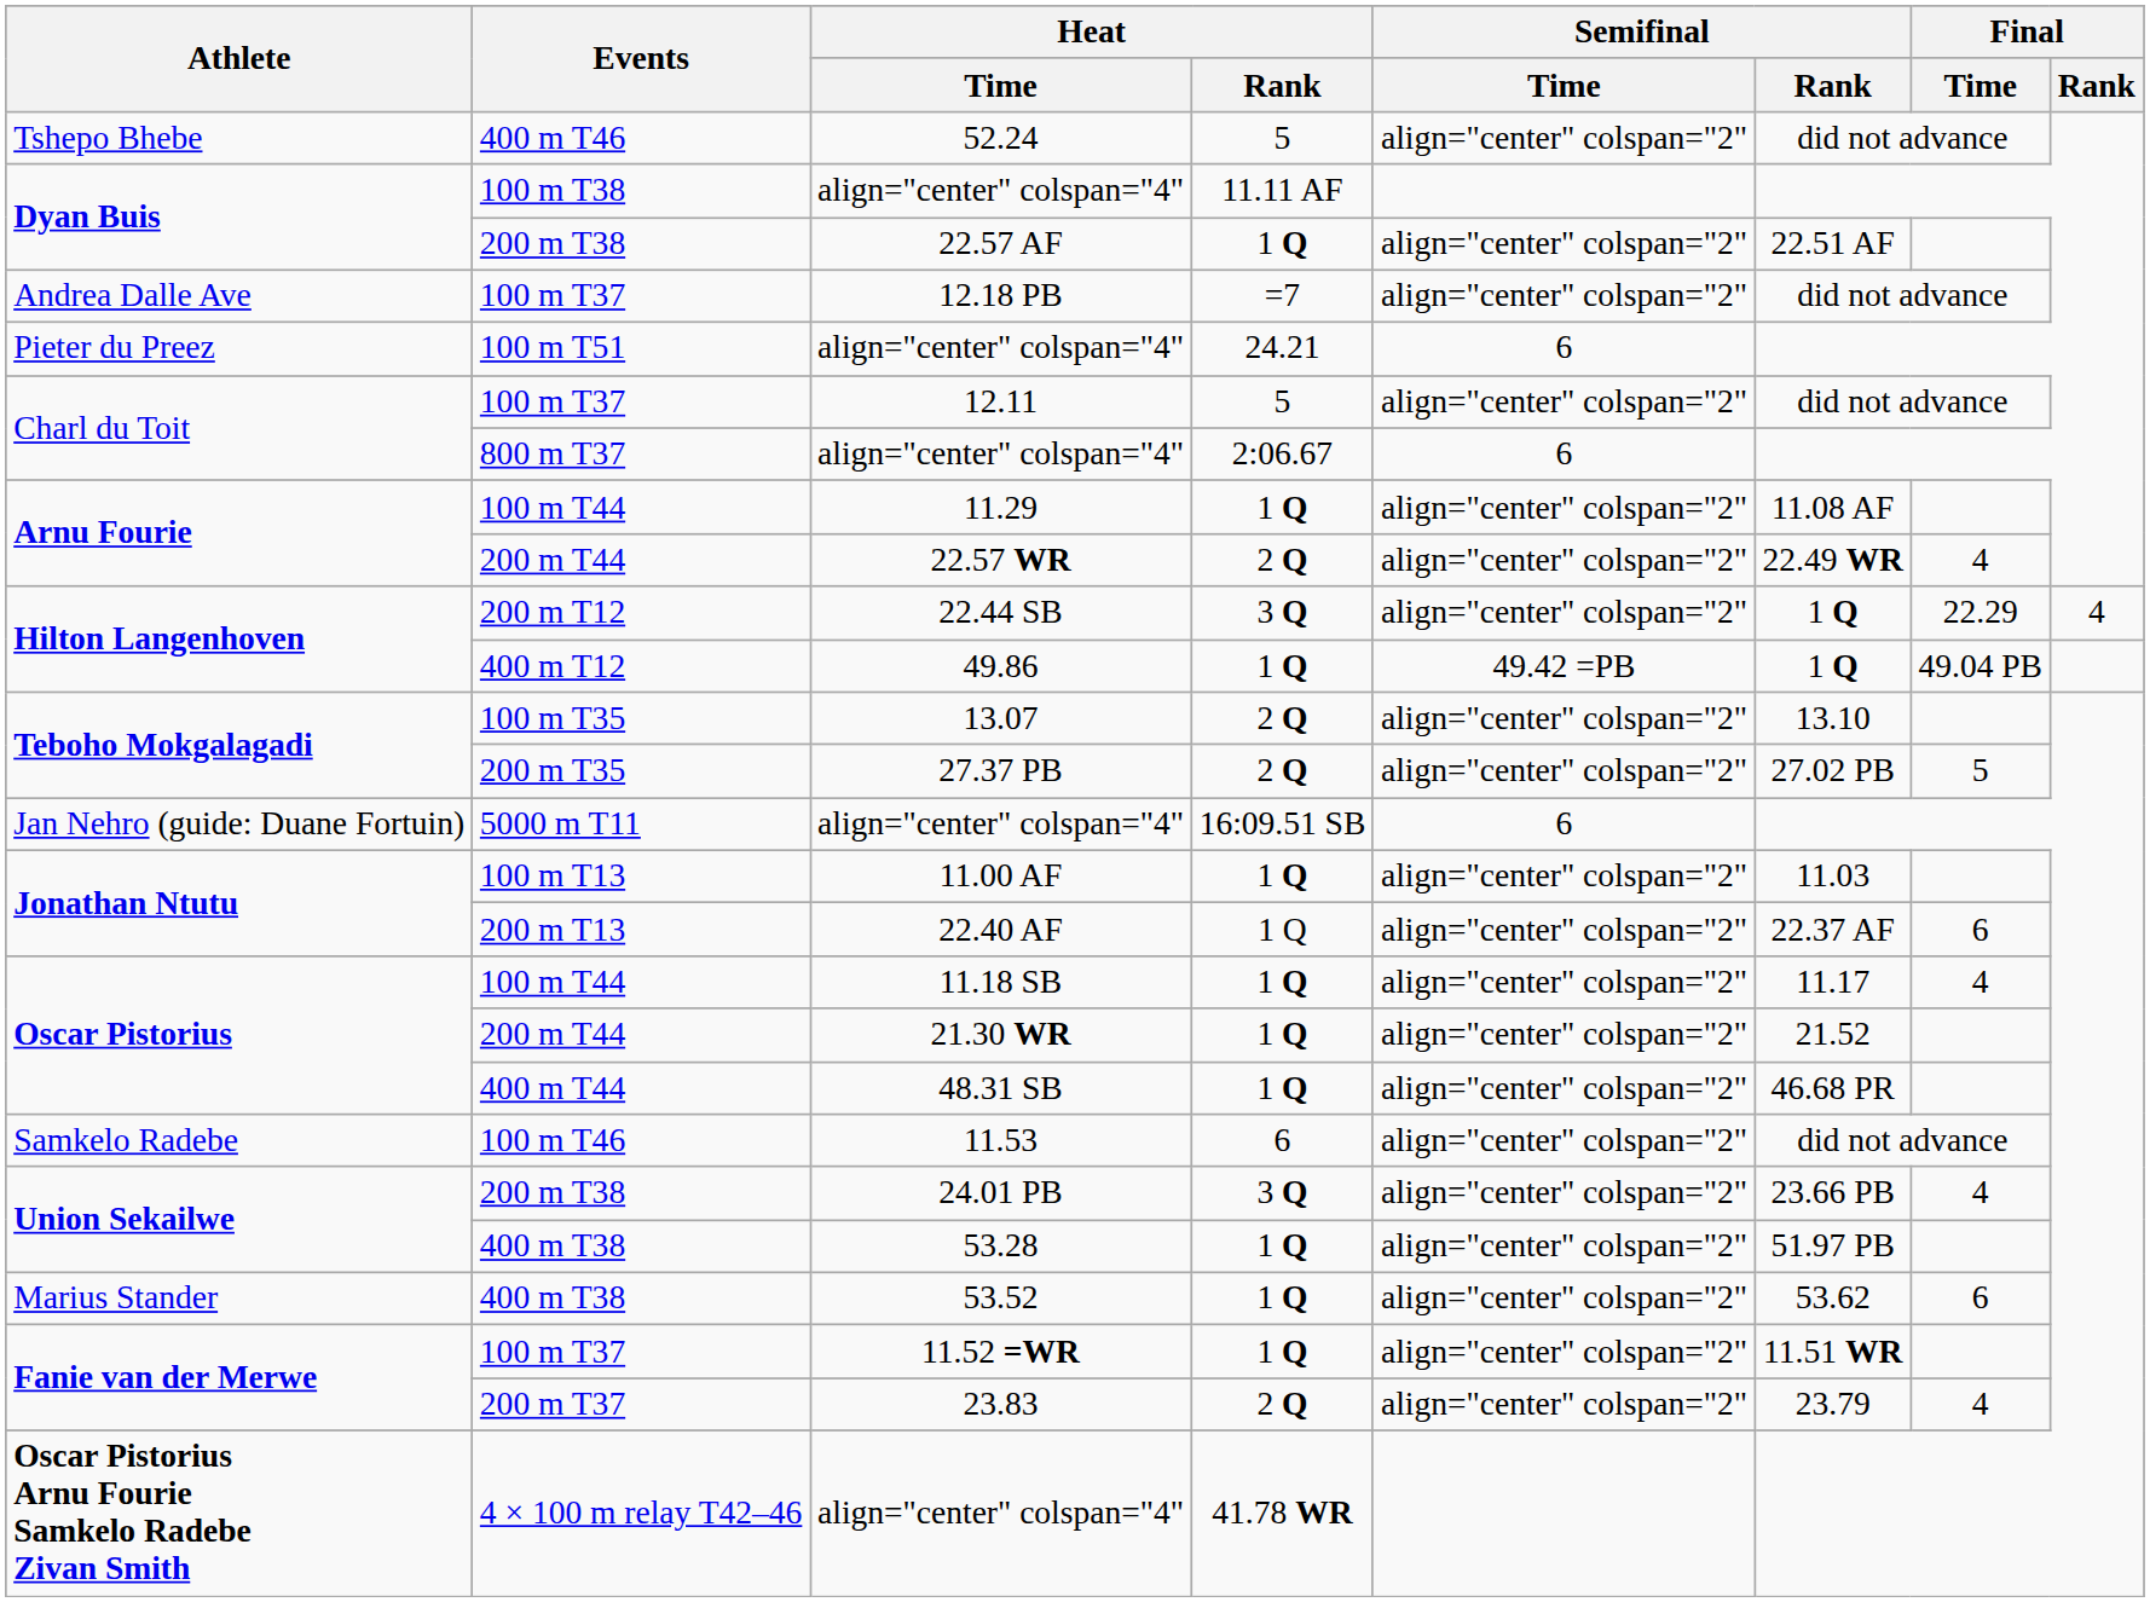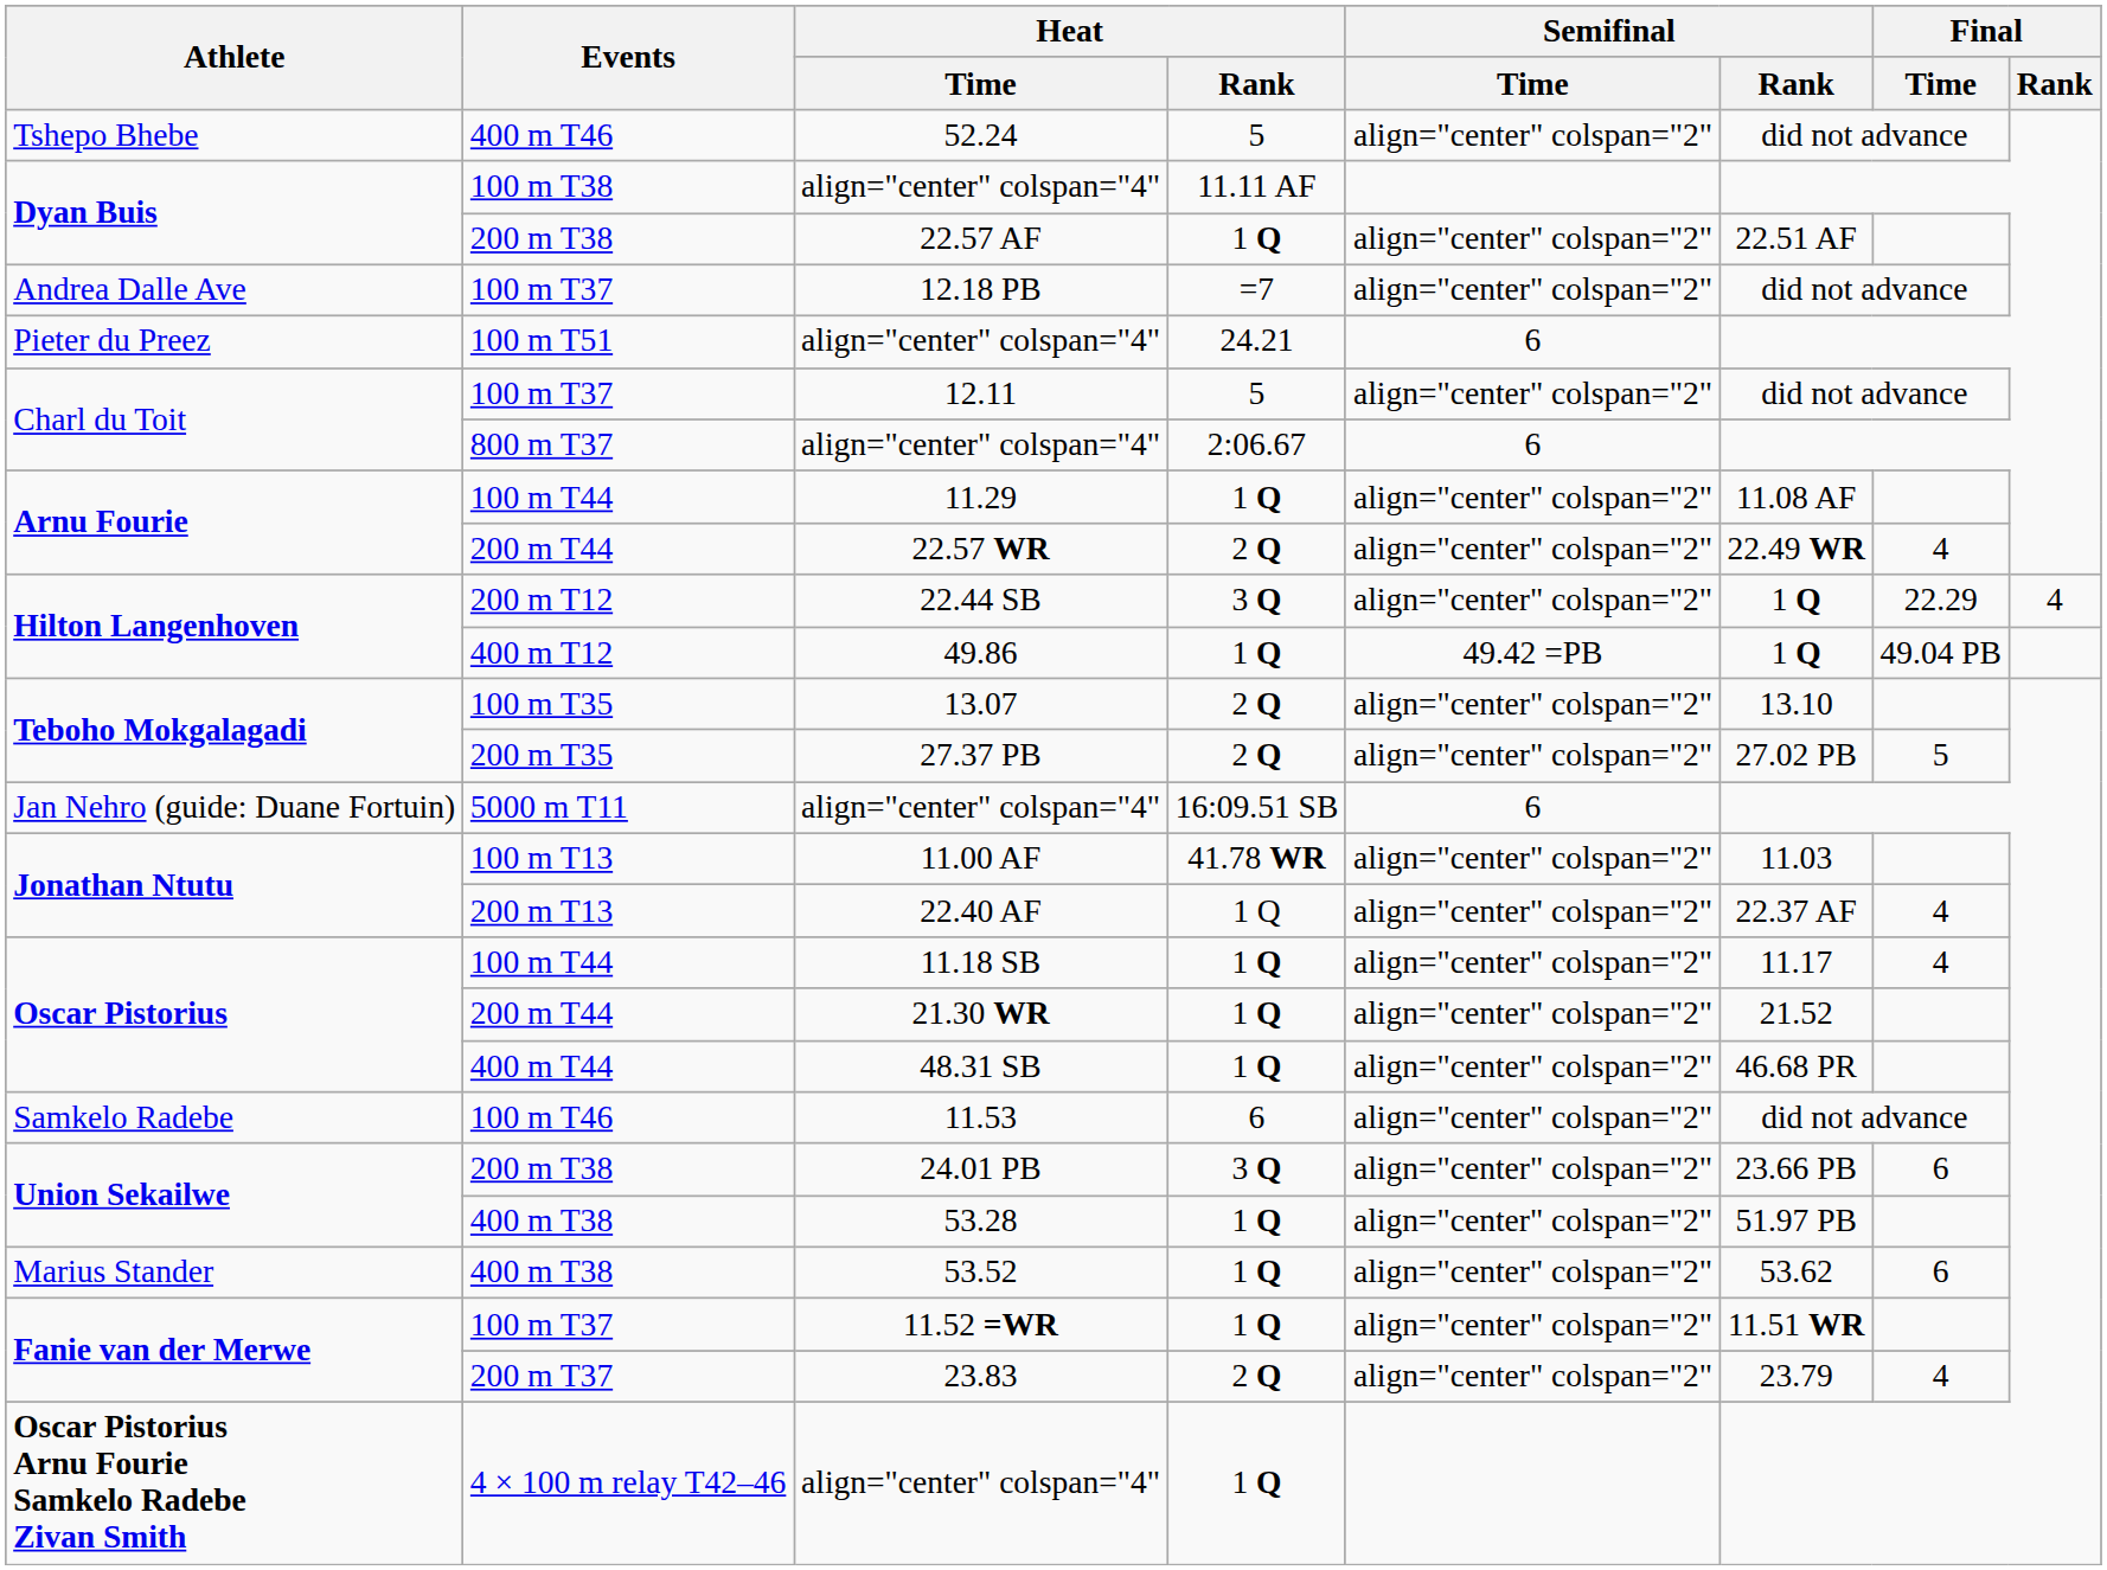 <table class=wikitable>
 <tr>
 <th rowspan="2">Athlete</th>
 <th rowspan="2">Events</th>
 <th colspan="2">Heat</th>
 <th colspan="2">Semifinal</th>
 <th colspan="2">Final</th>
 </tr>
 <tr>
 <th>Time</th>
 <th>Rank</th>
 <th>Time</th>
 <th>Rank</th>
 <th>Time</th>
 <th>Rank</th>
 </tr>
 <tr>
 <td><a href='#'>Tshepo Bhebe</a></td>
 <td><a href='#'>400 m T46</a></td>
 <td style="text-align:center;">52.24</td>
 <td style="text-align:center;">5</td>
 <td>align="center" colspan="2" </td>
 <td style="text-align:center;" colspan="2">did not advance</td>
 </tr>
 <tr>
 <td rowspan="2"><strong><a href='#'>Dyan Buis</a></strong></td>
 <td><a href='#'>100 m T38</a></td>
 <td>align="center" colspan="4" </td>
 <td style="text-align:center;">11.11 AF</td>
 <td style="text-align:center;"></td>
 </tr>
 <tr>
 <td><a href='#'>200 m T38</a></td>
 <td style="text-align:center;">22.57 AF</td>
 <td style="text-align:center;">1 <strong>Q</strong></td>
 <td>align="center" colspan="2" </td>
 <td style="text-align:center;">22.51 AF</td>
 <td style="text-align:center;"></td>
 </tr>
 <tr>
 <td><a href='#'>Andrea Dalle Ave</a></td>
 <td><a href='#'>100 m T37</a></td>
 <td style="text-align:center;">12.18 PB</td>
 <td style="text-align:center;">=7</td>
 <td>align="center" colspan="2" </td>
 <td style="text-align:center;" colspan="2">did not advance</td>
 </tr>
 <tr>
 <td><a href='#'>Pieter du Preez</a></td>
 <td><a href='#'>100 m T51</a></td>
 <td>align="center" colspan="4" </td>
 <td style="text-align:center;">24.21</td>
 <td style="text-align:center;">6</td>
 </tr>
 <tr>
 <td rowspan="2"><a href='#'>Charl du Toit</a></td>
 <td><a href='#'>100 m T37</a></td>
 <td style="text-align:center;">12.11</td>
 <td style="text-align:center;">5</td>
 <td>align="center" colspan="2" </td>
 <td style="text-align:center;" colspan="2">did not advance</td>
 </tr>
 <tr>
 <td><a href='#'>800 m T37</a></td>
 <td>align="center" colspan="4" </td>
 <td style="text-align:center;">2:06.67</td>
 <td style="text-align:center;">6</td>
 </tr>
 <tr>
 <td rowspan="2"><strong><a href='#'>Arnu Fourie</a></strong></td>
 <td><a href='#'>100 m T44</a></td>
 <td style="text-align:center;">11.29</td>
 <td style="text-align:center;">1 <strong>Q</strong></td>
 <td>align="center" colspan="2" </td>
 <td style="text-align:center;">11.08 AF</td>
 <td style="text-align:center;"></td>
 </tr>
 <tr>
 <td><a href='#'>200 m T44</a></td>
 <td style="text-align:center;">22.57 <strong>WR</strong></td>
 <td style="text-align:center;">2 <strong>Q</strong></td>
 <td>align="center" colspan="2" </td>
 <td style="text-align:center;">22.49 <strong>WR</strong></td>
 <td style="text-align:center;">4</td>
 </tr>
 <tr>
 <td rowspan="2"><strong><a href='#'>Hilton Langenhoven</a></strong></td>
 <td><a href='#'>200 m T12</a></td>
 <td style="text-align:center;">22.44 SB</td>
 <td style="text-align:center;">3 <strong>Q</strong></td>
 <td>align="center" colspan="2" </td>
 <td style="text-align:center;">1 <strong>Q</strong></td>
 <td style="text-align:center;">22.29</td>
 <td style="text-align:center;">4</td>
 </tr>
 <tr>
 <td><a href='#'>400 m T12</a></td>
 <td style="text-align:center;">49.86</td>
 <td style="text-align:center;">1 <strong>Q</strong></td>
 <td style="text-align:center;">49.42 =PB</td>
 <td style="text-align:center;">1 <strong>Q</strong></td>
 <td style="text-align:center;">49.04 PB</td>
 <td style="text-align:center;"></td>
 </tr>
 <tr>
 <td rowspan="2"><strong><a href='#'>Teboho Mokgalagadi</a></strong></td>
 <td><a href='#'>100 m T35</a></td>
 <td style="text-align:center;">13.07</td>
 <td style="text-align:center;">2 <strong>Q</strong></td>
 <td>align="center" colspan="2" </td>
 <td style="text-align:center;">13.10</td>
 <td style="text-align:center;"></td>
 </tr>
 <tr>
 <td><a href='#'>200 m T35</a></td>
 <td style="text-align:center;">27.37 PB</td>
 <td style="text-align:center;">2 <strong>Q</strong></td>
 <td>align="center" colspan="2" </td>
 <td style="text-align:center;">27.02 PB</td>
 <td style="text-align:center;">5</td>
 </tr>
 <tr>
 <td><a href='#'>Jan Nehro</a> (guide: Duane Fortuin)</td>
 <td><a href='#'>5000 m T11</a></td>
 <td>align="center" colspan="4" </td>
 <td style="text-align:center;">16:09.51 SB</td>
 <td style="text-align:center;">6</td>
 </tr>
 <tr>
 <td rowspan="2"><strong><a href='#'>Jonathan Ntutu</a></strong></td>
 <td><a href='#'>100 m T13</a></td>
 <td style="text-align:center;">11.00 AF</td>
-<td style="text-align:center;">1 <strong>Q</strong></td>
+<td style="text-align:center;">41.78 <strong>WR</strong></td>
 <td>align="center" colspan="2" </td>
 <td style="text-align:center;">11.03</td>
 <td style="text-align:center;"></td>
 </tr>
 <tr>
 <td><a href='#'>200 m T13</a></td>
 <td style="text-align:center;">22.40 AF</td>
 <td style="text-align:center;">1 Q</td>
 <td>align="center" colspan="2" </td>
 <td style="text-align:center;">22.37 AF</td>
-<td style="text-align:center;">6</td>
+<td style="text-align:center;">4</td>
 </tr>
 <tr>
 <td rowspan="3"><strong><a href='#'>Oscar Pistorius</a></strong></td>
 <td><a href='#'>100 m T44</a></td>
 <td style="text-align:center;">11.18 SB</td>
 <td style="text-align:center;">1 <strong>Q</strong></td>
 <td>align="center" colspan="2" </td>
 <td style="text-align:center;">11.17</td>
 <td style="text-align:center;">4</td>
 </tr>
 <tr>
 <td><a href='#'>200 m T44</a></td>
 <td style="text-align:center;">21.30 <strong>WR</strong></td>
 <td style="text-align:center;">1 <strong>Q</strong></td>
 <td>align="center" colspan="2" </td>
 <td style="text-align:center;">21.52</td>
 <td style="text-align:center;"></td>
 </tr>
 <tr>
 <td><a href='#'>400 m T44</a></td>
 <td style="text-align:center;">48.31 SB</td>
 <td style="text-align:center;">1 <strong>Q</strong></td>
 <td>align="center" colspan="2" </td>
 <td style="text-align:center;">46.68 PR</td>
 <td style="text-align:center;"></td>
 </tr>
 <tr>
 <td><a href='#'>Samkelo Radebe</a></td>
 <td><a href='#'>100 m T46</a></td>
 <td style="text-align:center;">11.53</td>
 <td style="text-align:center;">6</td>
 <td>align="center" colspan="2" </td>
 <td style="text-align:center;" colspan="2">did not advance</td>
 </tr>
 <tr>
 <td rowspan="2"><strong><a href='#'>Union Sekailwe</a></strong></td>
 <td><a href='#'>200 m T38</a></td>
 <td style="text-align:center;">24.01 PB</td>
 <td style="text-align:center;">3 <strong>Q</strong></td>
 <td>align="center" colspan="2" </td>
 <td style="text-align:center;">23.66 PB</td>
-<td style="text-align:center;">4</td>
+<td style="text-align:center;">6</td>
 </tr>
 <tr>
 <td><a href='#'>400 m T38</a></td>
 <td style="text-align:center;">53.28</td>
 <td style="text-align:center;">1 <strong>Q</strong></td>
 <td>align="center" colspan="2" </td>
 <td style="text-align:center;">51.97 PB</td>
 <td style="text-align:center;"></td>
 </tr>
 <tr>
 <td><a href='#'>Marius Stander</a></td>
 <td><a href='#'>400 m T38</a></td>
 <td style="text-align:center;">53.52</td>
 <td style="text-align:center;">1 <strong>Q</strong></td>
 <td>align="center" colspan="2" </td>
 <td style="text-align:center;">53.62</td>
 <td style="text-align:center;">6</td>
 </tr>
 <tr>
 <td rowspan="2"><strong><a href='#'>Fanie van der Merwe</a></strong></td>
 <td><a href='#'>100 m T37</a></td>
 <td style="text-align:center;">11.52 <strong>=WR</strong></td>
 <td style="text-align:center;">1 <strong>Q</strong></td>
 <td>align="center" colspan="2" </td>
 <td style="text-align:center;">11.51 <strong>WR</strong></td>
 <td style="text-align:center;"></td>
 </tr>
 <tr>
 <td><a href='#'>200 m T37</a></td>
 <td style="text-align:center;">23.83</td>
 <td style="text-align:center;">2 <strong>Q</strong></td>
 <td>align="center" colspan="2" </td>
 <td style="text-align:center;">23.79</td>
 <td style="text-align:center;">4</td>
 </tr>
 <tr>
 <td><strong>Oscar Pistorius<br>Arnu Fourie<br>Samkelo Radebe<br><a href='#'>Zivan Smith</a></strong></td>
 <td><a href='#'>4 × 100 m relay T42–46</a></td>
 <td>align="center" colspan="4" </td>
-<td style="text-align:center;">41.78 <strong>WR</strong></td>
+<td style="text-align:center;">1 <strong>Q</strong></td>
 <td style="text-align:center;"></td>
 </tr>
 </table>
